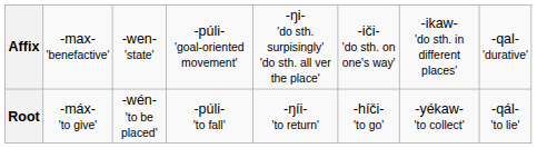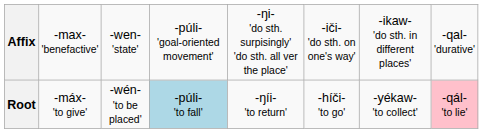 <table class="wikitable">
 <tr align=center>
 <th colspan=1>Affix</th>
 <td>-max-<br> <small>'benefactive'</small><br></td>
 <td>-wen- <br> <small>'state'</small></td>
 <td>-púli- <br> <small>'goal-oriented movement'</small></td>
 <td>-ŋi- <br> <small>'do sth. surpisingly'<br>'do sth. all ver the place'</small></td>
 <td>-iči- <br> <small>'do sth. on one's way'</small></td>
 <td>-ikaw- <br> <small>'do sth. in different places'</small></td>
 <td>-qal- <br> <small>'durative'</small> <br></td>
 </tr>
 <tr align=center>
 <th colspan=1>Root</th>
 <td>-máx- <br> <small>'to give'</small></td>
 <td>-wén- <br> <small>'to be placed'</small></td>
-<td>-púli- <br> <small>'to fall'</small></td>
+<td style="background: lightblue;">-púli- <br> <small>'to fall'</small></td>
 <td>-ŋíi- <br> <small>'to return'</small></td>
 <td>-híči- <br> <small>'to go'</small></td>
 <td>-yékaw- <br> <small>'to collect'</small></td>
-<td>-qál- <br> <small>'to lie'</small></td>
+<td style="background: pink;">-qál- <br> <small>'to lie'</small></td>
 </tr>
 </table>
